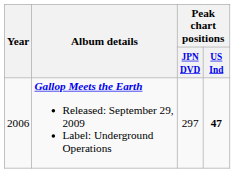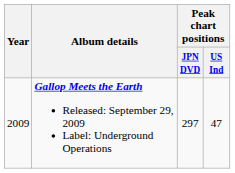 <table class="wikitable">
 <tr>
 <th rowspan="2">Year</th>
 <th rowspan="2" style="width:200px;">Album details</th>
 <th colspan="5">Peak chart positions</th>
 </tr>
 <tr>
 <th style="width:30px;"><small><a href='#'>JPN<br>DVD</a></small><br></th>
 <th style="width:30px;"><small><a href='#'>US Ind</a></small></th>
 </tr>
 <tr>
-<td>2006</td>
+<td>2009</td>
 <td><strong><em><a href='#'>Gallop Meets the Earth</a></em></strong><br><ul><li>Released: September 29, 2009</li><li>Label: Underground Operations</li></ul></td>
 <td style="text-align:center;">297</td>
-<td style="text-align:center;"><strong>47</strong></td>
+<td style="text-align:center;">47</td>
 </tr>
 </table>
